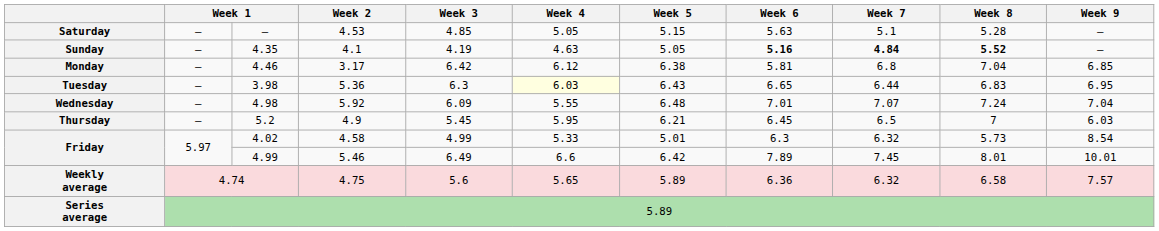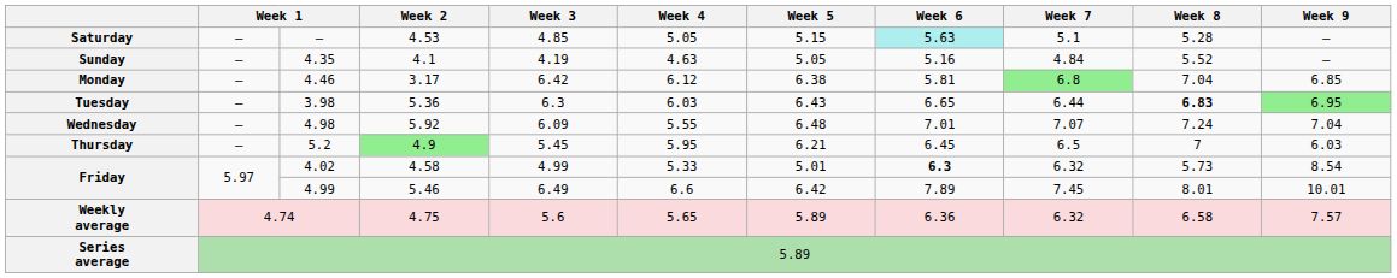 <table class="wikitable" style="font-size:90%; text-align:center; width: 100%; margin-left: auto; margin-right: auto;">
 <tr>
 <th scope="col" style="width:12%;"></th>
 <th scope="colgroup" colspan=2 style="width:10%;">Week 1</th>
 <th scope="col" style="width:8%;">Week 2</th>
 <th scope="col" style="width:8%;">Week 3</th>
 <th scope="col" style="width:8%;">Week 4</th>
 <th scope="col" style="width:8%;">Week 5</th>
 <th scope="col" style="width:8%;">Week 6</th>
 <th scope="col" style="width:8%;">Week 7</th>
 <th scope="col" style="width:8%;">Week 8</th>
 <th scope="col" style="width:8%;">Week 9</th>
 </tr>
 <tr>
 <th scope="row">Saturday</th>
 <td style="width:5%;">–</td>
 <td style="width:5%;">–</td>
 <td>4.53</td>
 <td>4.85</td>
 <td>5.05</td>
 <td>5.15</td>
-<td>5.63</td>
+<td style="background: paleturquoise;">5.63</td>
 <td>5.1</td>
 <td>5.28</td>
 <td>–</td>
 </tr>
 <tr>
 <th scope="row">Sunday</th>
 <td>–</td>
 <td>4.35</td>
 <td>4.1</td>
 <td>4.19</td>
 <td>4.63</td>
 <td>5.05</td>
-<td><strong>5.16</strong></td>
-<td><strong>4.84</strong></td>
-<td><strong>5.52</strong></td>
+<td>5.16</td>
+<td>4.84</td>
+<td>5.52</td>
 <td>–</td>
 </tr>
 <tr>
 <th scope="row">Monday</th>
 <td>–</td>
 <td>4.46</td>
 <td>3.17</td>
 <td>6.42</td>
 <td>6.12</td>
 <td>6.38</td>
 <td>5.81</td>
-<td>6.8</td>
+<td style="background: lightgreen;">6.8</td>
 <td>7.04</td>
 <td>6.85</td>
 </tr>
 <tr>
 <th scope="row">Tuesday</th>
 <td>–</td>
 <td>3.98</td>
 <td>5.36</td>
 <td>6.3</td>
-<td style="background: lightyellow;">6.03</td>
+<td>6.03</td>
 <td>6.43</td>
 <td>6.65</td>
 <td>6.44</td>
-<td>6.83</td>
-<td>6.95</td>
+<td><strong>6.83</strong></td>
+<td style="background: lightgreen;">6.95</td>
 </tr>
 <tr>
 <th scope="row">Wednesday</th>
 <td>–</td>
 <td>4.98</td>
 <td>5.92</td>
 <td>6.09</td>
 <td>5.55</td>
 <td>6.48</td>
 <td>7.01</td>
 <td>7.07</td>
 <td>7.24</td>
 <td>7.04</td>
 </tr>
 <tr>
 <th scope="row">Thursday</th>
 <td>–</td>
 <td>5.2</td>
-<td>4.9</td>
+<td style="background: lightgreen;">4.9</td>
 <td>5.45</td>
 <td>5.95</td>
 <td>6.21</td>
 <td>6.45</td>
 <td>6.5</td>
 <td>7</td>
 <td>6.03</td>
 </tr>
 <tr>
 <th scope="rowgroup" rowspan=2>Friday</th>
 <td rowspan="2">5.97</td>
 <td>4.02</td>
 <td>4.58</td>
 <td>4.99</td>
 <td>5.33</td>
 <td>5.01</td>
-<td>6.3</td>
+<td><strong>6.3</strong></td>
 <td>6.32</td>
 <td>5.73</td>
 <td>8.54</td>
 </tr>
 <tr>
 <td>4.99</td>
 <td>5.46</td>
 <td>6.49</td>
 <td>6.6</td>
 <td>6.42</td>
 <td>7.89</td>
 <td>7.45</td>
 <td>8.01</td>
 <td>10.01</td>
 </tr>
 <tr>
 <th scope="row">Weekly<br>average</th>
 <td colspan="2" style="background:#FADADD;">4.74</td>
 <td style="background:#FADADD;">4.75</td>
 <td style="background:#FADADD;">5.6</td>
 <td style="background:#FADADD;">5.65</td>
 <td style="background:#FADADD;">5.89</td>
 <td style="background:#FADADD;">6.36</td>
 <td style="background:#FADADD;">6.32</td>
 <td style="background:#FADADD;">6.58</td>
 <td style="background:#FADADD;">7.57</td>
 </tr>
 <tr>
 <th scope="row">Series<br>average</th>
 <td colspan="10" style="background:#ADDFAD;">5.89</td>
 </tr>
 </table>
